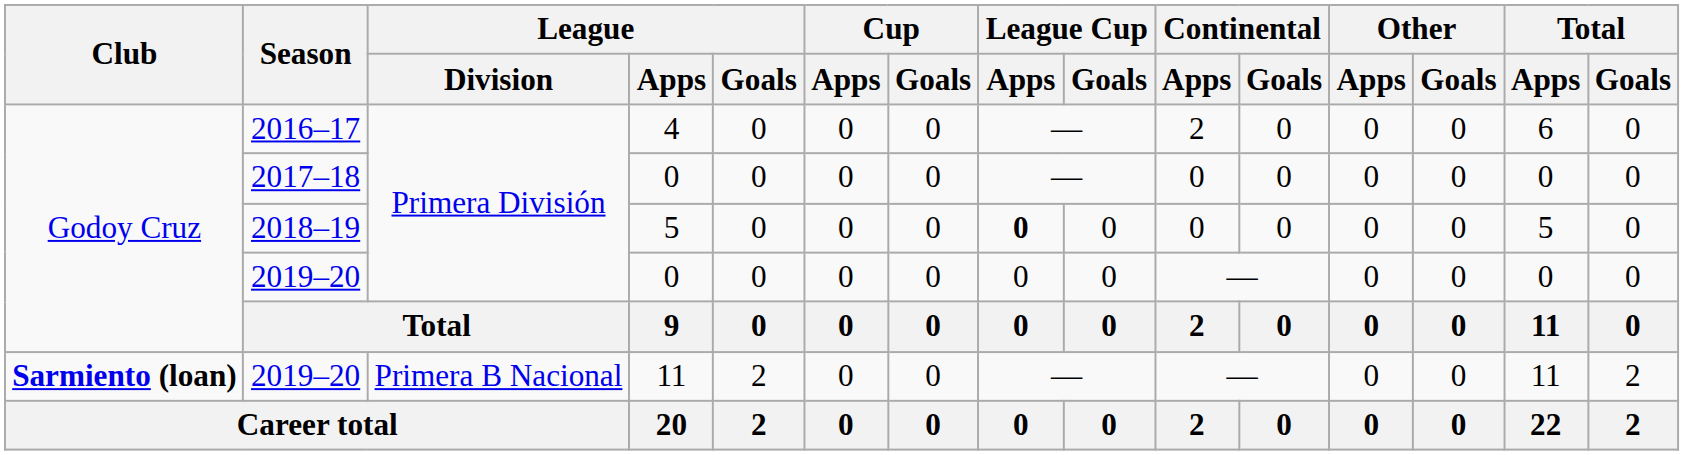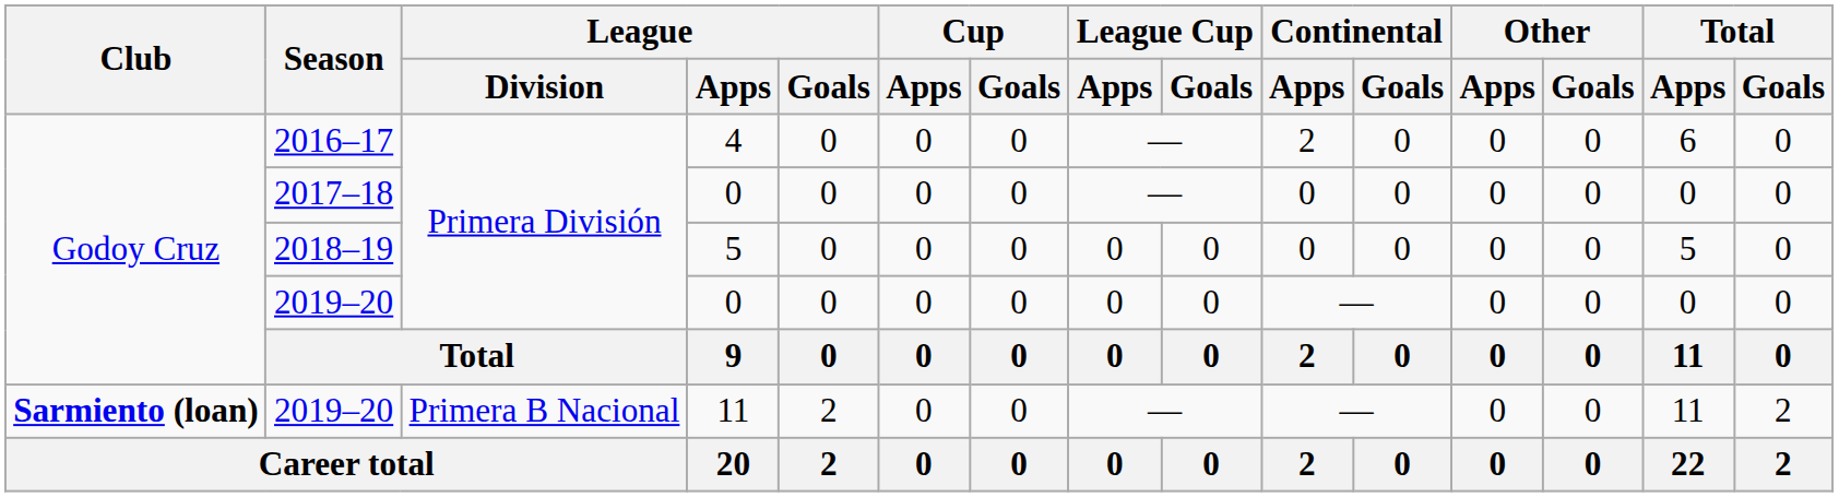 <table class="wikitable" style="text-align:center">
 <tr>
 <th rowspan="2">Club</th>
 <th rowspan="2">Season</th>
 <th colspan="3">League</th>
 <th colspan="2">Cup</th>
 <th colspan="2">League Cup</th>
 <th colspan="2">Continental</th>
 <th colspan="2">Other</th>
 <th colspan="2">Total</th>
 </tr>
 <tr>
 <th>Division</th>
 <th>Apps</th>
 <th>Goals</th>
 <th>Apps</th>
 <th>Goals</th>
 <th>Apps</th>
 <th>Goals</th>
 <th>Apps</th>
 <th>Goals</th>
 <th>Apps</th>
 <th>Goals</th>
 <th>Apps</th>
 <th>Goals</th>
 </tr>
 <tr>
 <td rowspan="5"><a href='#'>Godoy Cruz</a></td>
 <td><a href='#'>2016–17</a></td>
 <td rowspan="4"><a href='#'>Primera División</a></td>
 <td>4</td>
 <td>0</td>
 <td>0</td>
 <td>0</td>
 <td colspan="2">—</td>
 <td>2</td>
 <td>0</td>
 <td>0</td>
 <td>0</td>
 <td>6</td>
 <td>0</td>
 </tr>
 <tr>
 <td><a href='#'>2017–18</a></td>
 <td>0</td>
 <td>0</td>
 <td>0</td>
 <td>0</td>
 <td colspan="2">—</td>
 <td>0</td>
 <td>0</td>
 <td>0</td>
 <td>0</td>
 <td>0</td>
 <td>0</td>
 </tr>
 <tr>
 <td><a href='#'>2018–19</a></td>
 <td>5</td>
 <td>0</td>
 <td>0</td>
 <td>0</td>
-<td><strong>0</strong></td>
+<td>0</td>
 <td>0</td>
 <td>0</td>
 <td>0</td>
 <td>0</td>
 <td>0</td>
 <td>5</td>
 <td>0</td>
 </tr>
 <tr>
 <td><a href='#'>2019–20</a></td>
 <td>0</td>
 <td>0</td>
 <td>0</td>
 <td>0</td>
 <td>0</td>
 <td>0</td>
 <td colspan="2">—</td>
 <td>0</td>
 <td>0</td>
 <td>0</td>
 <td>0</td>
 </tr>
 <tr>
 <th colspan="2">Total</th>
 <th>9</th>
 <th>0</th>
 <th>0</th>
 <th>0</th>
 <th>0</th>
 <th>0</th>
 <th>2</th>
 <th>0</th>
 <th>0</th>
 <th>0</th>
 <th>11</th>
 <th>0</th>
 </tr>
 <tr>
 <td rowspan="1"><strong><a href='#'>Sarmiento</a> (loan)</strong></td>
 <td><a href='#'>2019–20</a></td>
 <td rowspan="1"><a href='#'>Primera B Nacional</a></td>
 <td>11</td>
 <td>2</td>
 <td>0</td>
 <td>0</td>
 <td colspan="2">—</td>
 <td colspan="2">—</td>
 <td>0</td>
 <td>0</td>
 <td>11</td>
 <td>2</td>
 </tr>
 <tr>
 <th colspan="3">Career total</th>
 <th>20</th>
 <th>2</th>
 <th>0</th>
 <th>0</th>
 <th>0</th>
 <th>0</th>
 <th>2</th>
 <th>0</th>
 <th>0</th>
 <th>0</th>
 <th>22</th>
 <th>2</th>
 </tr>
 </table>
